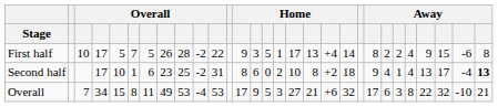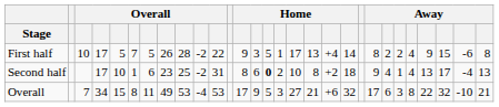 <table class="wikitable" style="text-align: right;">
 <tr>
 <th rawspan=2></th>
 <th rawspan=2></th>
 <th colspan=9>Overall</th>
 <th rawspan=1></th>
 <th colspan=8>Home</th>
 <th rawspan=1></th>
 <th colspan=8>Away</th>
 </tr>
 <tr>
 <th>Stage</th>
 <th></th>
 <th></th>
 <th></th>
 <th></th>
 <th></th>
 <th></th>
 <th></th>
 <th></th>
 <th></th>
 <th></th>
 <th></th>
 <th></th>
 <th></th>
 <th></th>
 <th></th>
 <th></th>
 <th></th>
 <th></th>
 <th></th>
 <th></th>
 <th></th>
 <th></th>
 <th></th>
 <th></th>
 <th></th>
 <th></th>
 <th></th>
 <th></th>
 </tr>
 <tr>
 <td align="left">First half</td>
 <td></td>
 <td>10</td>
 <td>17</td>
 <td>5</td>
 <td>7</td>
 <td>5</td>
 <td>26</td>
 <td>28</td>
 <td>-2</td>
 <td>22</td>
 <td></td>
 <td>9</td>
 <td>3</td>
 <td>5</td>
 <td>1</td>
 <td>17</td>
 <td>13</td>
 <td>+4</td>
 <td>14</td>
 <td></td>
 <td>8</td>
 <td>2</td>
 <td>2</td>
 <td>4</td>
 <td>9</td>
 <td>15</td>
 <td>-6</td>
 <td>8</td>
 </tr>
 <tr>
 <td align="left">Second half</td>
 <td></td>
 <td></td>
 <td>17</td>
 <td>10</td>
 <td>1</td>
 <td>6</td>
 <td>23</td>
 <td>25</td>
 <td>-2</td>
 <td>31</td>
 <td></td>
 <td>8</td>
 <td>6</td>
-<td>0</td>
+<td><strong>0</strong></td>
 <td>2</td>
 <td>10</td>
 <td>8</td>
 <td>+2</td>
 <td>18</td>
 <td></td>
 <td>9</td>
 <td>4</td>
 <td>1</td>
 <td>4</td>
 <td>13</td>
 <td>17</td>
 <td>-4</td>
-<td><strong>13</strong></td>
+<td>13</td>
 </tr>
 <tr>
 <td align="left">Overall</td>
 <td></td>
 <td>7</td>
 <td>34</td>
 <td>15</td>
 <td>8</td>
 <td>11</td>
 <td>49</td>
 <td>53</td>
 <td>-4</td>
 <td>53</td>
 <td></td>
 <td>17</td>
 <td>9</td>
 <td>5</td>
 <td>3</td>
 <td>27</td>
 <td>21</td>
 <td>+6</td>
 <td>32</td>
 <td></td>
 <td>17</td>
 <td>6</td>
 <td>3</td>
 <td>8</td>
 <td>22</td>
 <td>32</td>
 <td>-10</td>
 <td>21</td>
 </tr>
 </table>
